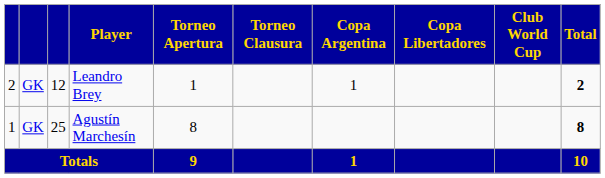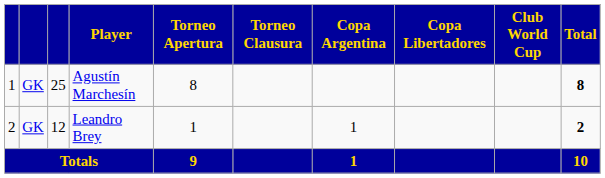 <table class="wikitable sortable" style="font-size: 95%; text-align: center;">
 <tr>
 <th style="background:#00009B; color:gold; width=15"></th>
 <th style="background:#00009B; color:gold; width=15"></th>
 <th style="background:#00009B; color:gold; width=15"></th>
 <th style="background:#00009B; color:gold; width=15 width=150">Player</th>
 <th style="background:#00009B; color:gold; width=15 width=75">Torneo Apertura</th>
 <th style="background:#00009B; color:gold; width=15 width=75">Torneo Clausura</th>
 <th style="background:#00009B; color:gold; width=15 width=75">Copa Argentina</th>
 <th style="background:#00009B; color:gold; width=15 width=75">Copa Libertadores</th>
 <th style="background:#00009B; color:gold; width=15 width=75">Club World Cup</th>
 <th style="background:#00009B; color:gold; width=15 width=75">Total</th>
 </tr>
 <tr>
+<td>1</td>
+<td><a href='#'>GK</a></td>
+<td>25</td>
+<td align=left> <a href='#'>Agustín Marchesín</a></td>
+<td>8</td>
+<td></td>
+<td></td>
+<td></td>
+<td></td>
+<td><strong>8</strong></td>
+</tr>
+<tr>
 <td>2</td>
 <td><a href='#'>GK</a></td>
 <td>12</td>
 <td align=left> <a href='#'>Leandro Brey</a></td>
 <td>1</td>
 <td></td>
 <td>1</td>
 <td></td>
 <td></td>
 <td><strong>2</strong></td>
 </tr>
-<tr>
-<td>1</td>
-<td><a href='#'>GK</a></td>
-<td>25</td>
-<td align=left> <a href='#'>Agustín Marchesín</a></td>
-<td>8</td>
-<td></td>
-<td></td>
-<td></td>
-<td></td>
-<td><strong>8</strong></td>
-</tr>
 <tr align=center>
 <th style="background:#00009B; color:gold"; colspan=4><strong>Totals</strong></th>
 <th style="background:#00009B; color:gold";><strong>9</strong></th>
 <th style="background:#00009B; color:gold";><strong> </strong></th>
 <th style="background:#00009B; color:gold";><strong>1</strong></th>
 <th style="background:#00009B; color:gold";><strong> </strong></th>
 <th style="background:#00009B; color:gold";><strong> </strong></th>
 <th style="background:#00009B; color:gold";><strong>10</strong></th>
 </tr>
 </table>
